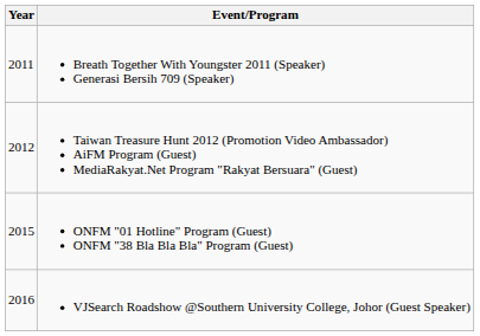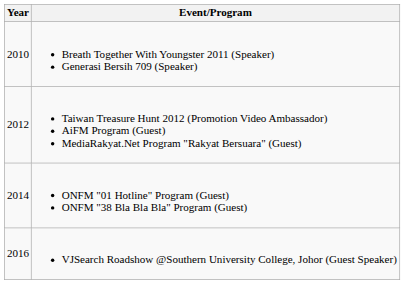 <table class="wikitable">
 <tr>
 <th>Year</th>
 <th>Event/Program</th>
 </tr>
 <tr>
-<td>2011</td>
+<td>2010</td>
 <td><br><ul><li>Breath Together With Youngster 2011 (Speaker)</li><li>Generasi Bersih 709 (Speaker)</li></ul></td>
 </tr>
 <tr>
 <td>2012</td>
 <td><br><ul><li>Taiwan Treasure Hunt 2012 (Promotion Video Ambassador)</li><li>AiFM Program (Guest)</li><li>MediaRakyat.Net Program "Rakyat Bersuara" (Guest)</li></ul></td>
 </tr>
 <tr>
-<td>2015</td>
+<td>2014</td>
 <td><br><ul><li>ONFM "01 Hotline" Program (Guest)</li><li>ONFM "38 Bla Bla Bla" Program (Guest)</li></ul></td>
 </tr>
 <tr>
 <td>2016</td>
 <td><br><ul><li>VJSearch Roadshow @Southern University College, Johor (Guest Speaker)</li></ul></td>
 </tr>
 </table>
